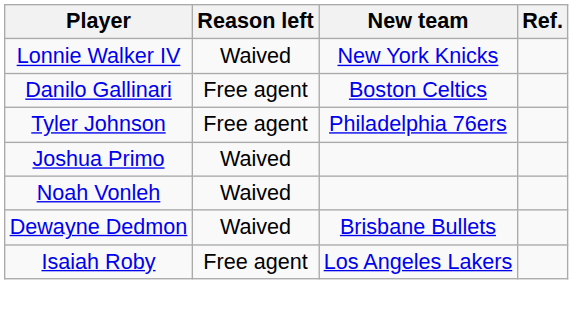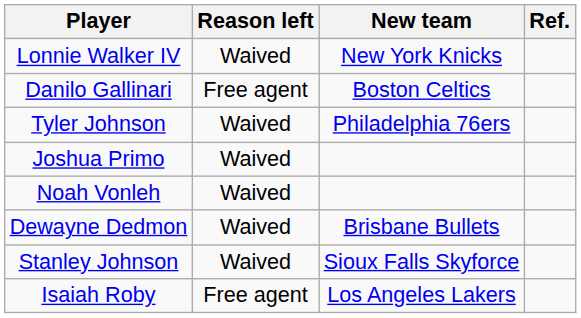 <table class="wikitable sortable sortable" style="text-align: center">
 <tr>
 <th>Player</th>
 <th>Reason left</th>
 <th>New team</th>
 <th>Ref.</th>
 </tr>
 <tr>
 <td><a href='#'>Lonnie Walker IV</a></td>
 <td>Waived</td>
 <td><a href='#'>New York Knicks</a></td>
 <td></td>
 </tr>
 <tr>
 <td><a href='#'>Danilo Gallinari</a></td>
 <td>Free agent</td>
 <td><a href='#'>Boston Celtics</a></td>
 <td></td>
 </tr>
 <tr>
 <td><a href='#'>Tyler Johnson</a></td>
-<td>Free agent</td>
+<td>Waived</td>
 <td><a href='#'>Philadelphia 76ers</a></td>
 <td></td>
 </tr>
 <tr>
 <td><a href='#'>Joshua Primo</a></td>
 <td>Waived</td>
 <td></td>
 <td></td>
 </tr>
 <tr>
 <td><a href='#'>Noah Vonleh</a></td>
 <td>Waived</td>
 <td></td>
 <td></td>
 </tr>
 <tr>
 <td><a href='#'>Dewayne Dedmon</a></td>
 <td>Waived</td>
 <td><a href='#'>Brisbane Bullets</a></td>
 <td></td>
 </tr>
 <tr>
+<td><a href='#'>Stanley Johnson</a></td>
+<td>Waived</td>
+<td><a href='#'>Sioux Falls Skyforce</a></td>
+<td></td>
+</tr>
+<tr>
 <td><a href='#'>Isaiah Roby</a></td>
 <td>Free agent</td>
 <td><a href='#'>Los Angeles Lakers</a></td>
 <td></td>
 </tr>
 </table>
